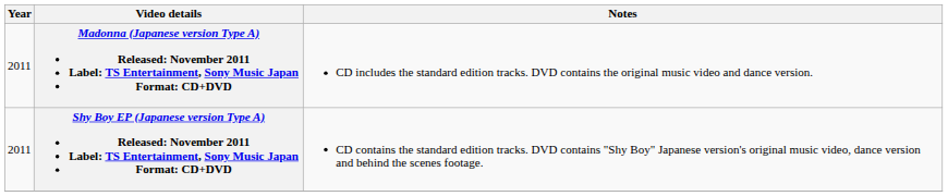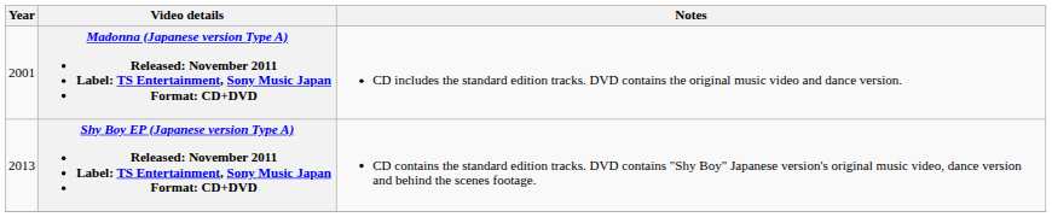 <table class="wikitable plainrowheaders">
 <tr>
 <th scope="col" align="center">Year</th>
 <th scope="col" align="center" width="350">Video details</th>
 <th scope="col">Notes</th>
 </tr>
 <tr>
-<td>2011</td>
+<td>2001</td>
 <th scope="row"><em><a href='#'>Madonna (Japanese version Type A)</a></em><br><ul><li>Released: November 2011</li><li>Label: <a href='#'>TS Entertainment</a>, <a href='#'>Sony Music Japan</a></li><li>Format: CD+DVD</li></ul></th>
 <td><br><ul><li>CD includes the standard edition tracks. DVD contains the original music video and dance version.</li></ul></td>
 </tr>
 <tr>
-<td>2011</td>
+<td>2013</td>
 <th scope="row"><em><a href='#'>Shy Boy EP (Japanese version Type A)</a></em><br><ul><li>Released: November 2011</li><li>Label: <a href='#'>TS Entertainment</a>, <a href='#'>Sony Music Japan</a></li><li>Format: CD+DVD</li></ul></th>
 <td><br><ul><li>CD contains the standard edition tracks. DVD contains "Shy Boy" Japanese version's original music video, dance version and behind the scenes footage.</li></ul></td>
 </tr>
 <tr>
 </tr>
 </table>
